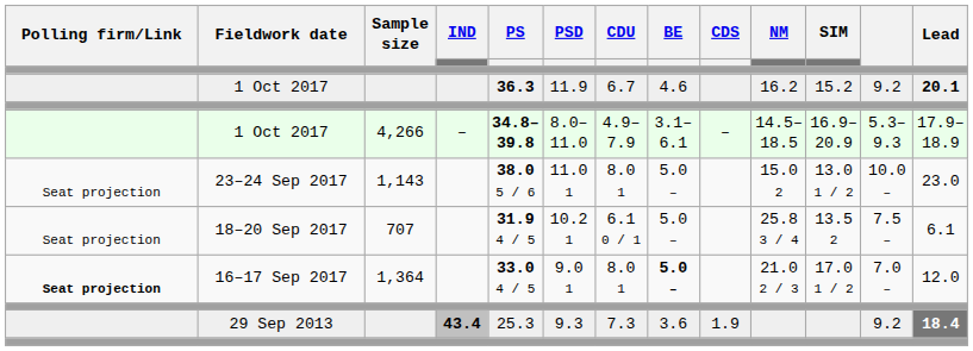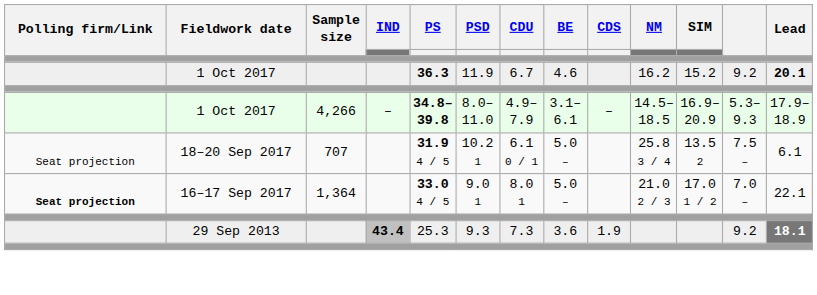 <table class="wikitable collapsible sortable" style="text-align:center; font-size:95%; line-height:16px;">
 <tr style="height:42px;">
 <th style="width:145px;" rowspan="2">Polling firm/Link</th>
 <th style="width:125px;" rowspan="2">Fieldwork date</th>
 <th class="unsortable" style="width:50px;" rowspan="2">Sample size</th>
 <th class="unsortable" style="width:35px;"><a href='#'>IND</a></th>
 <th class="unsortable" style="width:35px;"><a href='#'>PS</a></th>
 <th class="unsortable" style="width:35px;"><a href='#'>PSD</a></th>
 <th class="unsortable" style="width:35px;"><a href='#'>CDU</a></th>
 <th class="unsortable" style="width:35px;"><a href='#'>BE</a></th>
 <th class="unsortable" style="width:35px;"><a href='#'>CDS</a></th>
 <th class="unsortable" style="width:35px;"><a href='#'>NM</a></th>
 <th class="unsortable" style="width:35px;">SIM</th>
 <th class="unsortable" style="width:35px;" rowspan="2"></th>
 <th class="unsortable" style="width:30px;" rowspan="2">Lead</th>
 </tr>
 <tr>
 <th class="unsortable" style="color:inherit;background:#777777;"></th>
 <th class="unsortable" style="color:inherit;background:"></th>
 <th class="unsortable" style="color:inherit;background:"></th>
 <th class="unsortable" style="color:inherit;background:"></th>
 <th class="unsortable" style="color:inherit;background:"></th>
 <th class="unsortable" style="color:inherit;background:"></th>
 <th class="unsortable" style="color:inherit;background:#777777;"></th>
 <th class="unsortable" style="color:inherit;background:#777777;"></th>
 </tr>
 <tr>
 <td colspan="13" style="background:#A0A0A0"></td>
 </tr>
 <tr style="background:#EFEFEF;">
 <td><strong></strong></td>
 <td data-sort-value="2019-10-06">1 Oct 2017</td>
 <td></td>
 <td></td>
 <td><strong>36.3</strong><br></td>
 <td>11.9<br></td>
 <td>6.7<br></td>
 <td>4.6<br></td>
 <td></td>
 <td>16.2<br></td>
 <td>15.2<br></td>
 <td>9.2<br></td>
 <td style="background:"><strong>20.1</strong></td>
 </tr>
 <tr>
 <td colspan="13" style="background:#A0A0A0"></td>
 </tr>
 <tr>
 </tr>
 <tr style="background:#EAFFEA"|>
 <td></td>
 <td data-sort-value="2019-10-06">1 Oct 2017</td>
 <td>4,266</td>
 <td>–</td>
 <td><strong>34.8–<br>39.8</strong><br></td>
 <td>8.0–<br>11.0<br></td>
 <td>4.9–<br>7.9<br></td>
 <td>3.1–<br>6.1<br></td>
 <td>–</td>
 <td>14.5–<br>18.5<br></td>
 <td>16.9–<br>20.9<br></td>
 <td>5.3–<br>9.3<br></td>
 <td style="background:">17.9–<br>18.9</td>
 </tr>
 <tr>
 <td align="center"><br><small>Seat projection</small></td>
-<td align="center">23–24 Sep 2017</td>
-<td>1,143</td>
-<td></td>
-<td align="center" ><strong>38.0</strong><br><small>5 / 6</small></td>
-<td align="center">11.0<br><small>1</small></td>
-<td align="center">8.0<br><small>1</small></td>
-<td align="center">5.0<br><small>–</small></td>
-<td></td>
-<td align="center">15.0<br><small>2</small></td>
-<td align="center">13.0<br><small>1 / 2</small></td>
-<td align="center">10.0<br><small>–</small></td>
-<td style="background:">23.0</td>
-</tr>
-<tr>
-<td align="center"><br><small>Seat projection</small></td>
 <td align="center">18–20 Sep 2017</td>
 <td>707</td>
 <td></td>
 <td align="center" ><strong>31.9</strong><br><small>4 / 5</small></td>
 <td align="center">10.2<br><small>1</small></td>
 <td align="center">6.1<br><small>0 / 1</small></td>
 <td align="center">5.0<br><small>–</small></td>
 <td></td>
 <td align="center">25.8<br><small>3 / 4</small></td>
 <td align="center">13.5<br><small>2</small></td>
 <td align="center">7.5<br><small>–</small></td>
 <td style="background:">6.1</td>
 </tr>
 <tr>
 <td align="center"><strong><br><small>Seat projection</small></strong></td>
 <td align="center">16–17 Sep 2017</td>
 <td>1,364</td>
 <td></td>
 <td align="center" ><strong>33.0</strong><br><small>4 / 5</small></td>
 <td align="center">9.0<br><small>1</small></td>
 <td align="center">8.0<br><small>1</small></td>
-<td align="center"><strong>5.0<br><small>–</small></strong></td>
+<td align="center">5.0<br><small>–</small></td>
 <td></td>
 <td align="center">21.0<br><small>2 / 3</small></td>
 <td align="center">17.0<br><small>1 / 2</small></td>
 <td align="center">7.0<br><small>–</small></td>
-<td style="background:">12.0</td>
+<td style="background:">22.1</td>
 </tr>
 <tr>
 <td colspan="13" style="background:#A0A0A0"></td>
 </tr>
 <tr style="background:#EFEFEF;">
 <td><strong></strong></td>
 <td data-sort-value="2019-10-06">29 Sep 2013</td>
 <td></td>
 <td style="background:#C0C0C0"><strong>43.4</strong><br></td>
 <td>25.3<br></td>
 <td>9.3<br></td>
 <td>7.3<br></td>
 <td>3.6<br></td>
 <td>1.9<br></td>
 <td></td>
 <td></td>
 <td>9.2<br></td>
-<td style="background:#777777; color:white;"><strong>18.4</strong></td>
+<td style="background:#777777; color:white;"><strong>18.1</strong></td>
 </tr>
 <tr>
 <td colspan="13" style="background:#A0A0A0"></td>
 </tr>
 </table>
